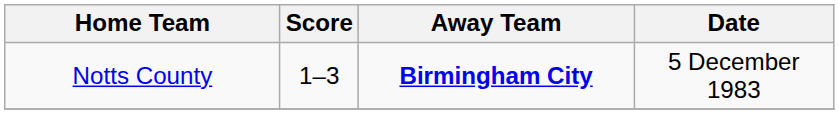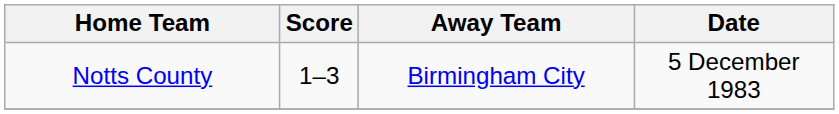 <table class="wikitable" style="text-align:center;">
 <tr>
 <th width=175>Home Team</th>
 <th width=20>Score</th>
 <th width=175>Away Team</th>
 <th width=125>Date</th>
 </tr>
 <tr>
 <td><a href='#'>Notts County</a></td>
 <td>1–3</td>
-<td><strong><a href='#'>Birmingham City</a></strong></td>
+<td><a href='#'>Birmingham City</a></td>
 <td>5 December 1983</td>
 </tr>
 <tr>
 </tr>
 </table>
